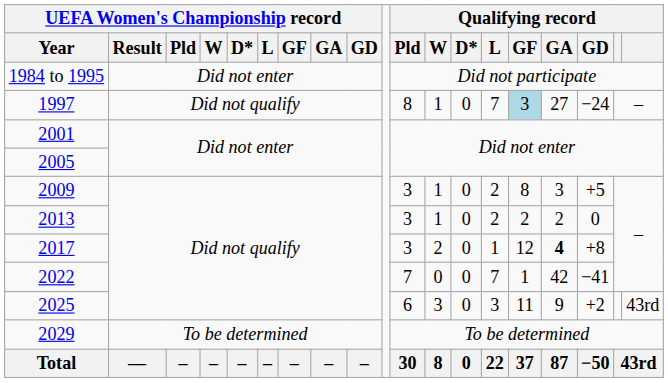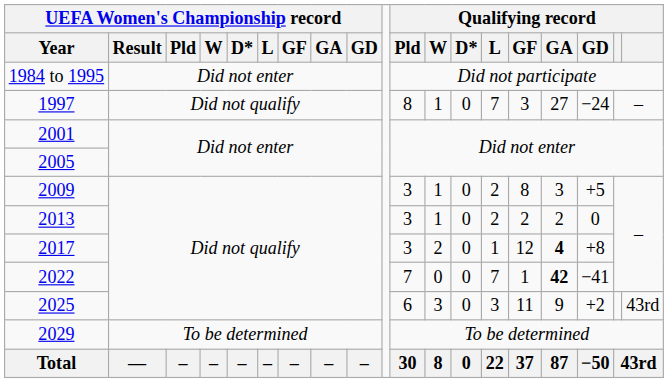 <table class="wikitable" style="text-align: center;">
 <tr>
 <th colspan=9><a href='#'>UEFA Women's Championship</a> record</th>
 <td rowspan=100></td>
 <th colspan=9>Qualifying record</th>
 </tr>
 <tr>
 <th>Year</th>
 <th>Result</th>
 <th>Pld</th>
 <th>W</th>
 <th>D*</th>
 <th>L</th>
 <th>GF</th>
 <th>GA</th>
 <th>GD<br></th>
 <th>Pld</th>
 <th>W</th>
 <th>D*</th>
 <th>L</th>
 <th>GF</th>
 <th>GA</th>
 <th>GD</th>
 <th></th>
 <th></th>
 </tr>
 <tr>
 <td><a href='#'>1984</a> to <a href='#'>1995</a></td>
 <td colspan=8><em>Did not enter</em></td>
 <td colspan=9><em>Did not participate</em></td>
 </tr>
 <tr>
 <td> <a href='#'>1997</a></td>
 <td colspan=8><em>Did not qualify</em></td>
 <td>8</td>
 <td>1</td>
 <td>0</td>
 <td>7</td>
-<td style="background: lightblue;">3</td>
+<td>3</td>
 <td>27</td>
 <td>−24</td>
 <td colspan=2>–</td>
 </tr>
 <tr>
 <td> <a href='#'>2001</a></td>
 <td colspan=8 rowspan=2><em>Did not enter</em></td>
 <td colspan=9 rowspan=2><em>Did not enter</em></td>
 </tr>
 <tr>
 <td> <a href='#'>2005</a></td>
 </tr>
 <tr>
 <td> <a href='#'>2009</a></td>
 <td colspan=8 rowspan=5><em>Did not qualify</em></td>
 <td>3</td>
 <td>1</td>
 <td>0</td>
 <td>2</td>
 <td>8</td>
 <td>3</td>
 <td>+5</td>
 <td colspan=2 rowspan=4>–</td>
 </tr>
 <tr>
 <td> <a href='#'>2013</a></td>
 <td>3</td>
 <td>1</td>
 <td>0</td>
 <td>2</td>
 <td>2</td>
 <td>2</td>
 <td>0</td>
 </tr>
 <tr>
 <td> <a href='#'>2017</a></td>
 <td>3</td>
 <td>2</td>
 <td>0</td>
 <td>1</td>
 <td>12</td>
 <td><strong>4</strong></td>
 <td>+8</td>
 </tr>
 <tr>
 <td> <a href='#'>2022</a></td>
 <td>7</td>
 <td>0</td>
 <td>0</td>
 <td>7</td>
 <td>1</td>
-<td>42</td>
+<td><strong>42</strong></td>
 <td>−41</td>
 </tr>
 <tr>
 <td> <a href='#'>2025</a></td>
 <td>6</td>
 <td>3</td>
 <td>0</td>
 <td>3</td>
 <td>11</td>
 <td>9</td>
 <td>+2</td>
 <td></td>
 <td>43rd</td>
 </tr>
 <tr>
 <td><a href='#'>2029</a></td>
 <td colspan=8><em>To be determined</em></td>
 <td colspan=9><em>To be determined</em></td>
 </tr>
 <tr>
 <th>Total</th>
 <th>—</th>
 <th>–</th>
 <th>–</th>
 <th>–</th>
 <th>–</th>
 <th>–</th>
 <th>–</th>
 <th>–</th>
 <th>30</th>
 <th>8</th>
 <th>0</th>
 <th>22</th>
 <th>37</th>
 <th>87</th>
 <th>−50</th>
 <th colspan=2>43rd</th>
 </tr>
 </table>
